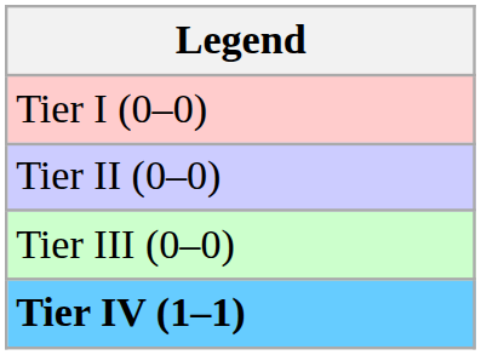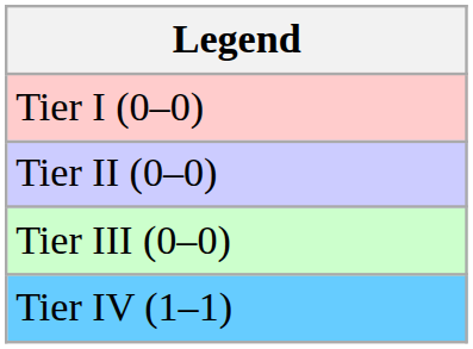 <table class="wikitable" style="font-size:90%; width:13%;">
 <tr>
 <th>Legend</th>
 </tr>
 <tr style="background:#fcc;">
 <td>Tier I (0–0)</td>
 </tr>
 <tr style="background:#ccf;">
 <td>Tier II (0–0)</td>
 </tr>
 <tr style="background:#cfc;">
 <td>Tier III (0–0)</td>
 </tr>
 <tr style="background:#6cf;">
-<td><strong>Tier IV (1–1)</strong></td>
+<td>Tier IV (1–1)</td>
 </tr>
 </table>
